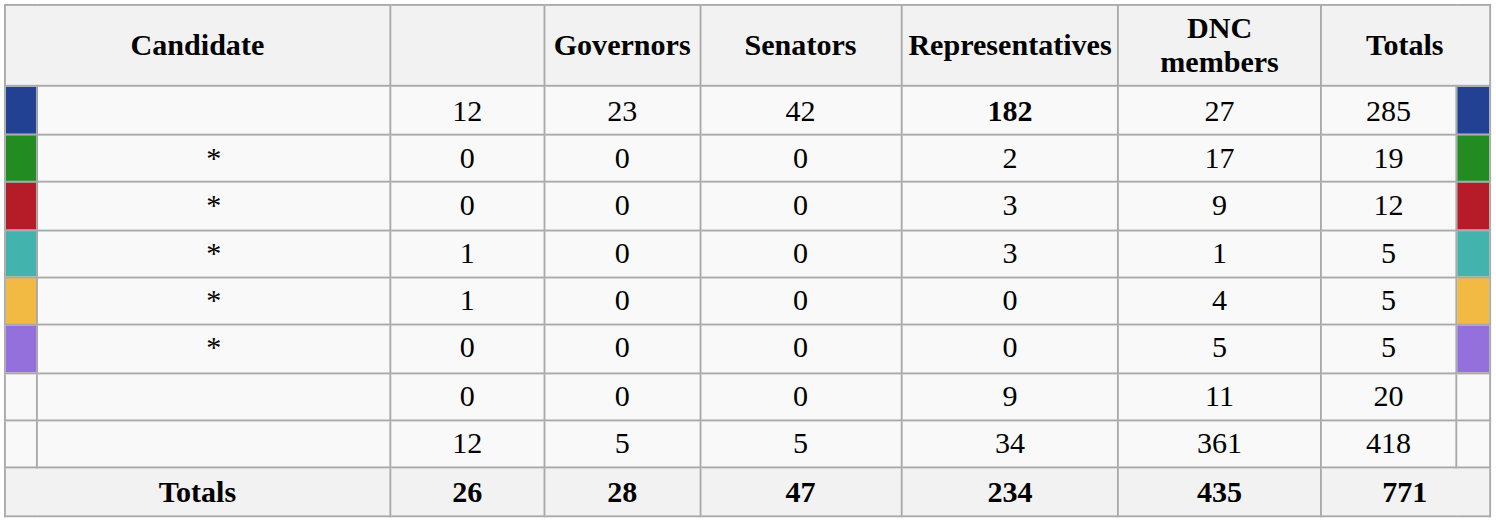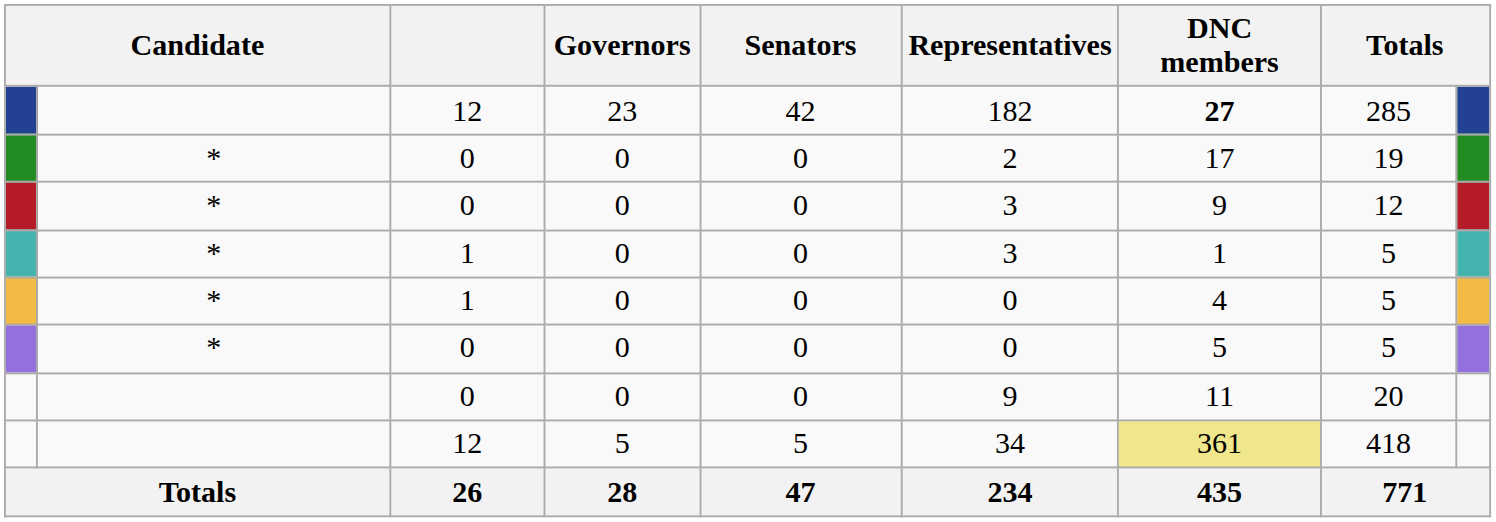 <table class="wikitable sortable" style="text-align:center">
 <tr>
 <th colspan=2>Candidate</th>
 <th style="width:75px;"></th>
 <th style="width:75px;">Governors</th>
 <th style="width:100px;">Senators</th>
 <th style="width:100px;">Representatives</th>
 <th style="width:100px;">DNC members</th>
 <th colspan=2>Totals</th>
 </tr>
 <tr>
 <td style="width:10px; background:#224192;"></td>
 <td style="width:180px;"></td>
 <td>12</td>
 <td>23</td>
 <td>42</td>
-<td><strong>182</strong></td>
-<td>27</td>
+<td>182</td>
+<td><strong>27</strong></td>
 <td style="width:65px;">285</td>
 <td style="width:10px; background:#224192;"></td>
 </tr>
 <tr>
 <td style="background:#228B22;"></td>
 <td> *</td>
 <td>0</td>
 <td>0</td>
 <td>0</td>
 <td>2</td>
 <td>17</td>
 <td>19</td>
 <td style="background:#228B22;"></td>
 </tr>
 <tr>
 <td style="background:#B61B28;"></td>
 <td> *</td>
 <td>0</td>
 <td>0</td>
 <td>0</td>
 <td>3</td>
 <td>9</td>
 <td>12</td>
 <td style="background:#B61B28;"></td>
 </tr>
 <tr>
 <td style="background:#43B3AE;"></td>
 <td> *</td>
 <td>1</td>
 <td>0</td>
 <td>0</td>
 <td>3</td>
 <td>1</td>
 <td>5</td>
 <td style="background:#43B3AE;"></td>
 </tr>
 <tr>
 <td style="background:#F2BA42;"></td>
 <td> *</td>
 <td>1</td>
 <td>0</td>
 <td>0</td>
 <td>0</td>
 <td>4</td>
 <td>5</td>
 <td style="background:#F2BA42;"></td>
 </tr>
 <tr>
 <td style="background:#9370DB;"></td>
 <td> *</td>
 <td>0</td>
 <td>0</td>
 <td>0</td>
 <td>0</td>
 <td>5</td>
 <td>5</td>
 <td style="background:#9370DB;"></td>
 </tr>
 <tr>
 <td></td>
 <td></td>
 <td>0</td>
 <td>0</td>
 <td>0</td>
 <td>9</td>
 <td>11</td>
 <td>20</td>
 <td></td>
 </tr>
 <tr>
 <td></td>
 <td></td>
 <td>12</td>
 <td>5</td>
 <td>5</td>
 <td>34</td>
-<td>361</td>
+<td style="background: khaki;">361</td>
 <td>418</td>
 <td></td>
 </tr>
 <tr>
 <th colspan=2>Totals</th>
 <th>26</th>
 <th>28</th>
 <th>47 </th>
 <th>234 </th>
 <th>435 </th>
 <th colspan=2>771</th>
 </tr>
 </table>
